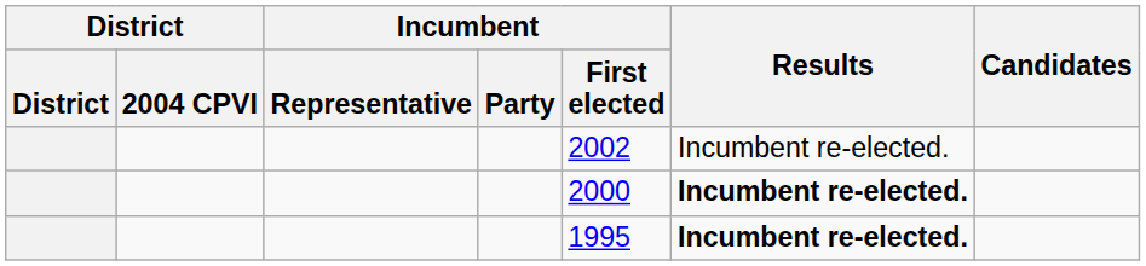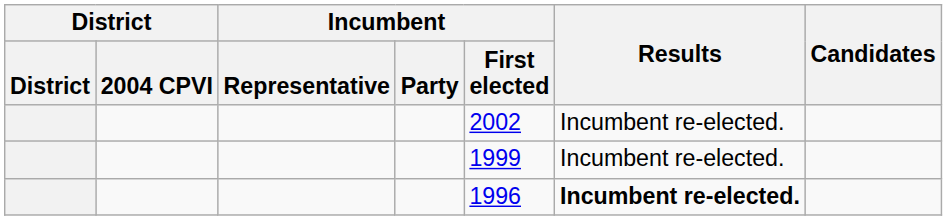 <table class="wikitable sortable">
 <tr>
 <th colspan=2>District</th>
 <th colspan=3>Incumbent</th>
 <th rowspan=2>Results</th>
 <th rowspan=2>Candidates</th>
 </tr>
 <tr valign=bottom>
 <th>District</th>
 <th>2004 CPVI</th>
 <th>Representative</th>
 <th>Party</th>
 <th>First<br>elected</th>
 </tr>
 <tr>
 <th></th>
 <td></td>
 <td></td>
 <td></td>
 <td><a href='#'>2002</a></td>
 <td>Incumbent re-elected.</td>
 <td nowrap></td>
 </tr>
 <tr>
 <th></th>
 <td></td>
 <td></td>
 <td></td>
-<td><a href='#'>2000</a></td>
-<td><strong>Incumbent re-elected.</strong></td>
+<td><a href='#'>1999</a></td>
+<td>Incumbent re-elected.</td>
 <td nowrap></td>
 </tr>
 <tr>
 <th></th>
 <td></td>
 <td></td>
 <td></td>
-<td><a href='#'>1995</a></td>
+<td><a href='#'>1996</a></td>
 <td><strong>Incumbent re-elected.</strong></td>
 <td nowrap></td>
 </tr>
 </table>
